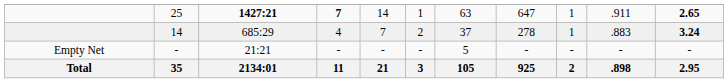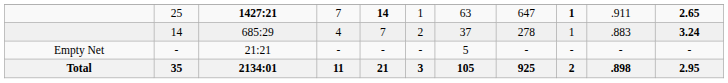 <table class="wikitable sortable" width ="1000">
 <tr align="center">
 </tr>
 <tr align="center" bgcolor="">
 <td></td>
 <td>25</td>
 <td><strong>1427:21</strong></td>
-<td><strong>7</strong></td>
-<td>14</td>
+<td>7</td>
+<td><strong>14</strong></td>
 <td>1</td>
 <td>63</td>
 <td>647</td>
-<td>1</td>
+<td><strong>1</strong></td>
 <td>.911</td>
 <td><strong>2.65</strong></td>
 </tr>
 <tr align="center" bgcolor="f0f0f0">
 <td></td>
 <td>14</td>
 <td>685:29</td>
 <td>4</td>
 <td>7</td>
 <td>2</td>
 <td>37</td>
 <td>278</td>
 <td>1</td>
 <td>.883</td>
 <td><strong>3.24</strong></td>
 </tr>
 <tr align="center" bgcolor="">
 <td>Empty Net</td>
 <td>-</td>
 <td>21:21</td>
 <td>-</td>
 <td>-</td>
 <td>-</td>
 <td>5</td>
 <td>-</td>
 <td>-</td>
 <td>-</td>
 <td>-</td>
 </tr>
 <tr>
 <th>Total</th>
 <th>35</th>
 <th>2134:01</th>
 <th>11</th>
 <th>21</th>
 <th>3</th>
 <th>105</th>
 <th>925</th>
 <th>2</th>
 <th>.898</th>
 <th>2.95</th>
 </tr>
 </table>
